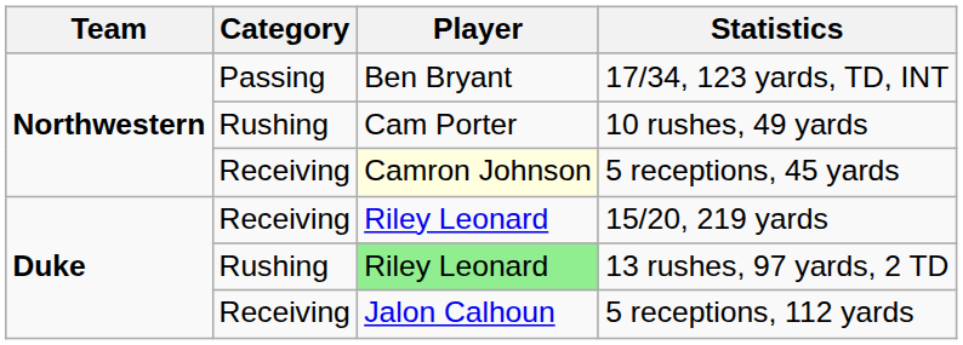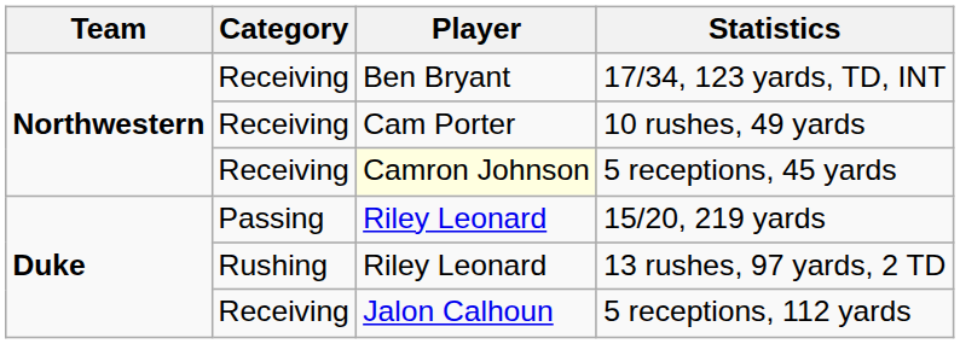 <table class="wikitable" style="float: left;">
 <tr>
 <th>Team</th>
 <th>Category</th>
 <th>Player</th>
 <th>Statistics</th>
 </tr>
 <tr>
 <td rowspan=3><strong>Northwestern</strong></td>
-<td>Passing</td>
+<td>Receiving</td>
 <td>Ben Bryant</td>
 <td>17/34, 123 yards, TD, INT</td>
 </tr>
 <tr>
-<td>Rushing</td>
+<td>Receiving</td>
 <td>Cam Porter</td>
 <td>10 rushes, 49 yards</td>
 </tr>
 <tr>
 <td>Receiving</td>
 <td style="background: lightyellow;">Camron Johnson</td>
 <td>5 receptions, 45 yards</td>
 </tr>
 <tr>
 <td rowspan=3><strong>Duke</strong></td>
-<td>Receiving</td>
+<td>Passing</td>
 <td><a href='#'>Riley Leonard</a></td>
 <td>15/20, 219 yards</td>
 </tr>
 <tr>
 <td>Rushing</td>
-<td style="background: lightgreen;">Riley Leonard</td>
+<td>Riley Leonard</td>
 <td>13 rushes, 97 yards, 2 TD</td>
 </tr>
 <tr>
 <td>Receiving</td>
 <td><a href='#'>Jalon Calhoun</a></td>
 <td>5 receptions, 112 yards</td>
 </tr>
 </table>
